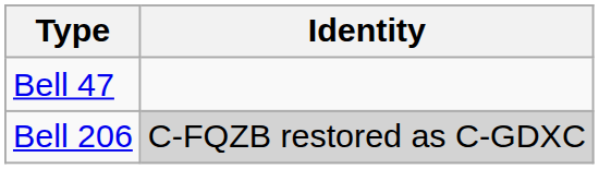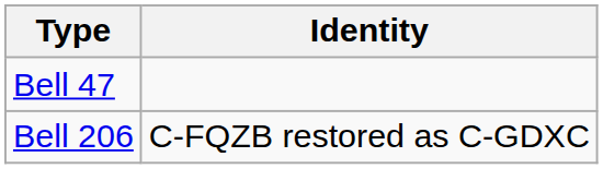 <table class="wikitable">
 <tr>
 <th>Type</th>
 <th>Identity</th>
 </tr>
 <tr>
 <td><a href='#'>Bell 47</a></td>
 </tr>
 <tr>
 <td><a href='#'>Bell 206</a></td>
-<td style="background: lightgrey;">C-FQZB restored as C-GDXC</td>
+<td>C-FQZB restored as C-GDXC</td>
 </tr>
 </table>
